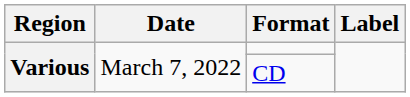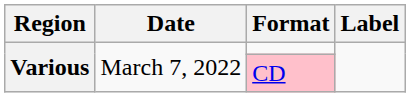 <table class="wikitable plainrowheaders">
 <tr>
 <th>Region</th>
 <th>Date</th>
 <th>Format</th>
 <th>Label</th>
 </tr>
 <tr>
 <th scope="row" rowspan="2">Various</th>
 <td rowspan="2">March 7, 2022</td>
 <td></td>
 <td rowspan="2"></td>
 </tr>
 <tr>
-<td><a href='#'>CD</a></td>
+<td style="background: pink;"><a href='#'>CD</a></td>
 </tr>
 </table>
